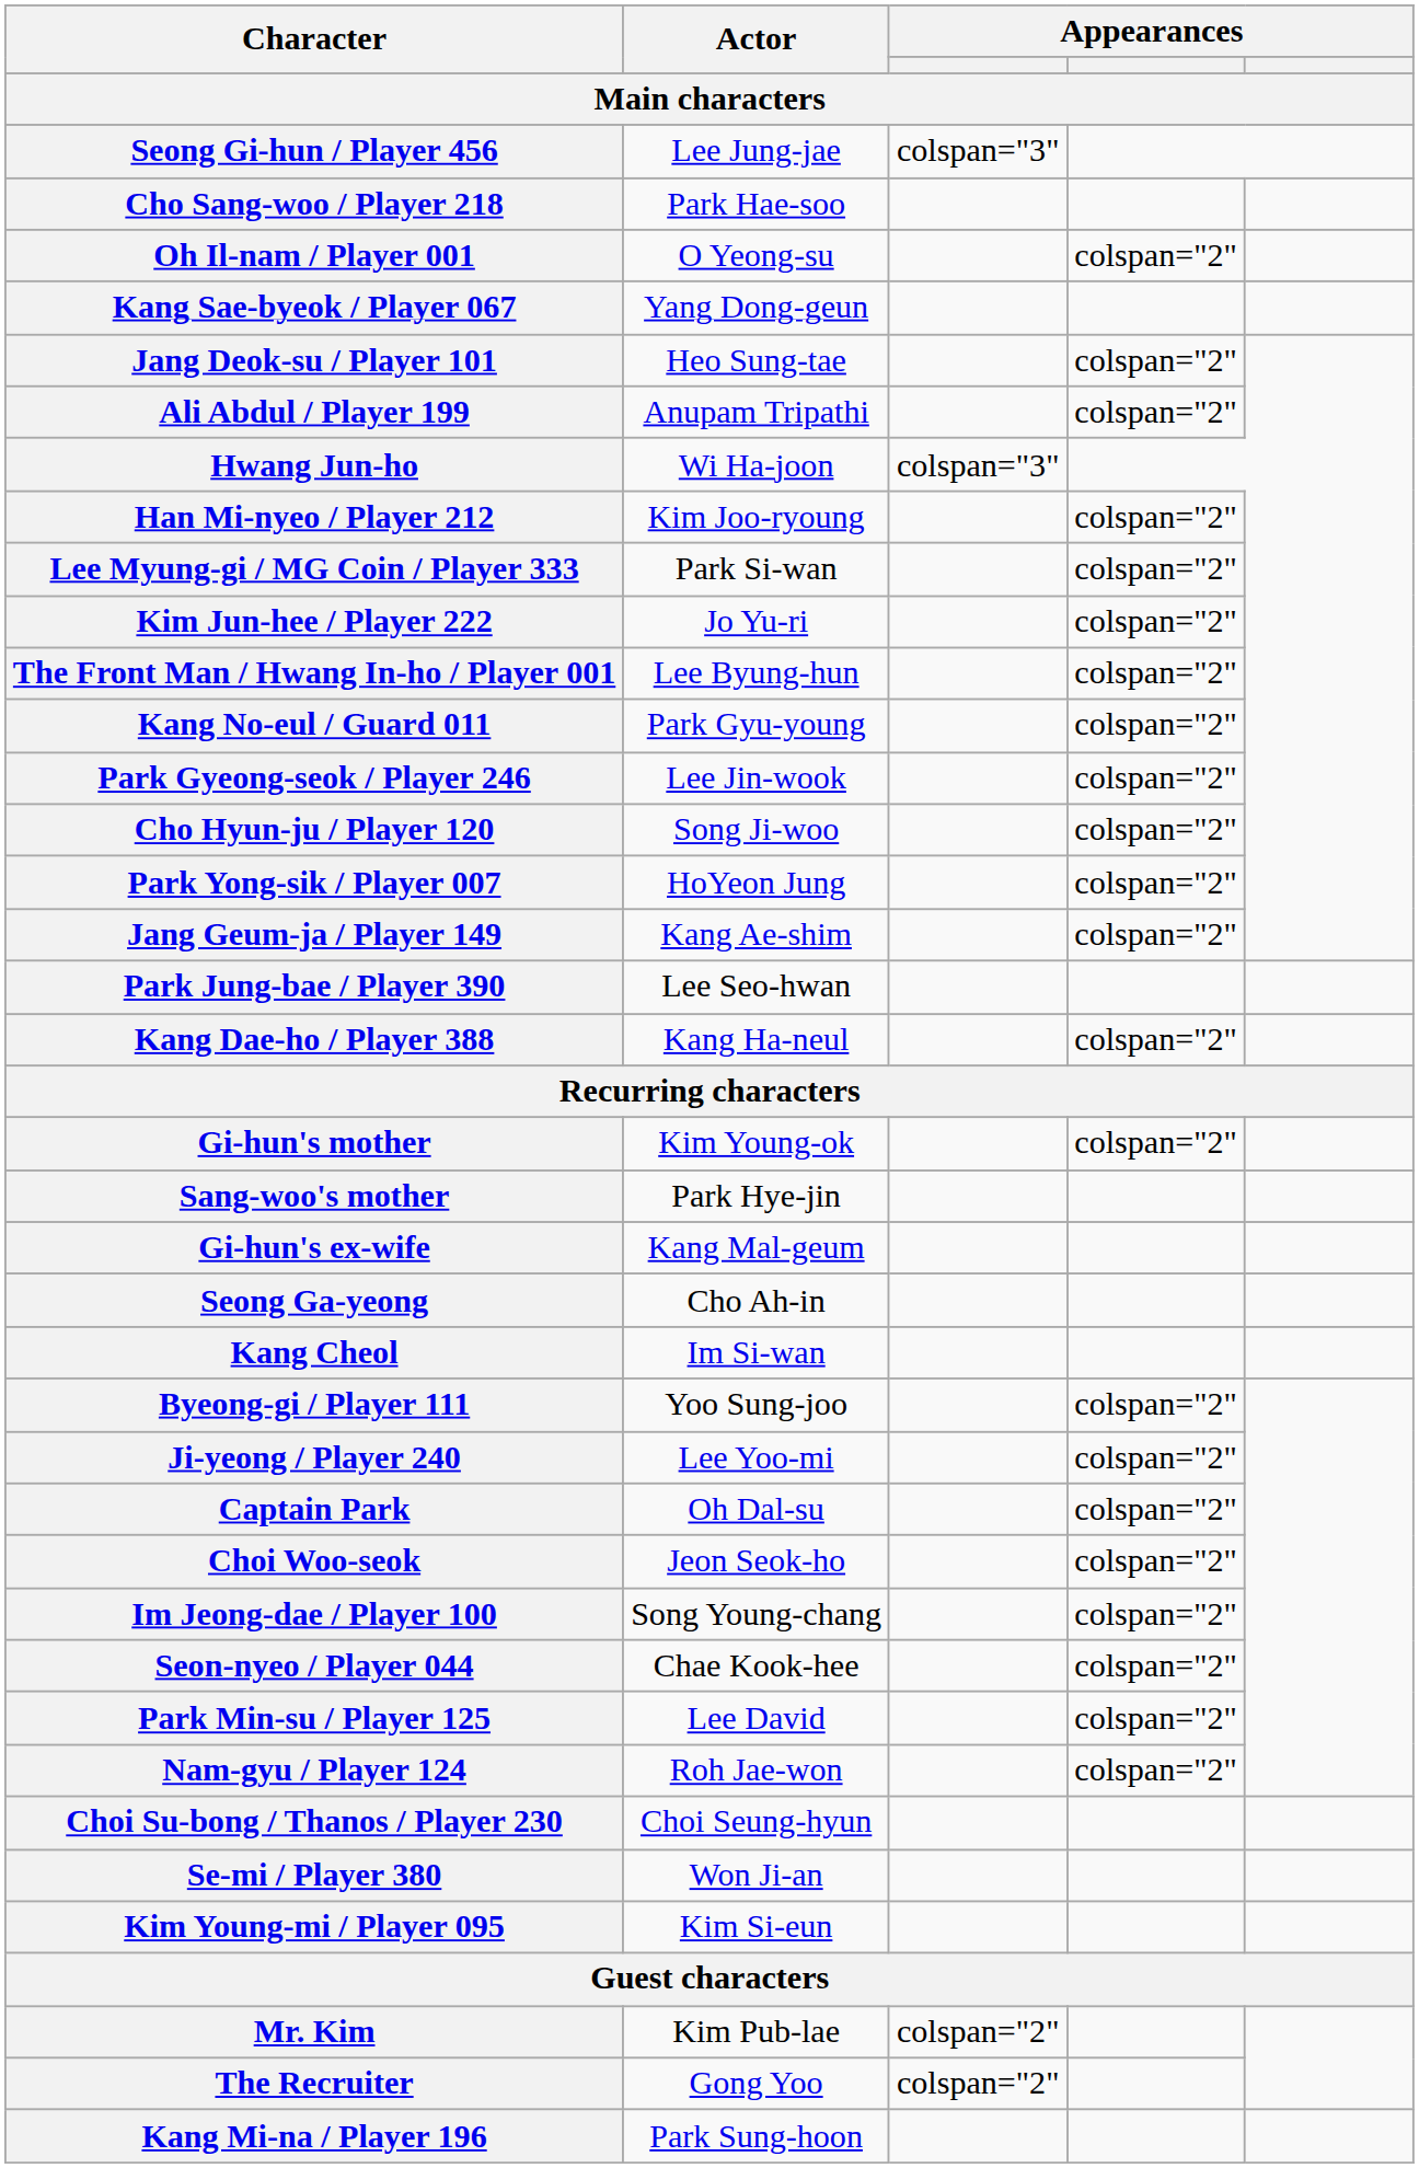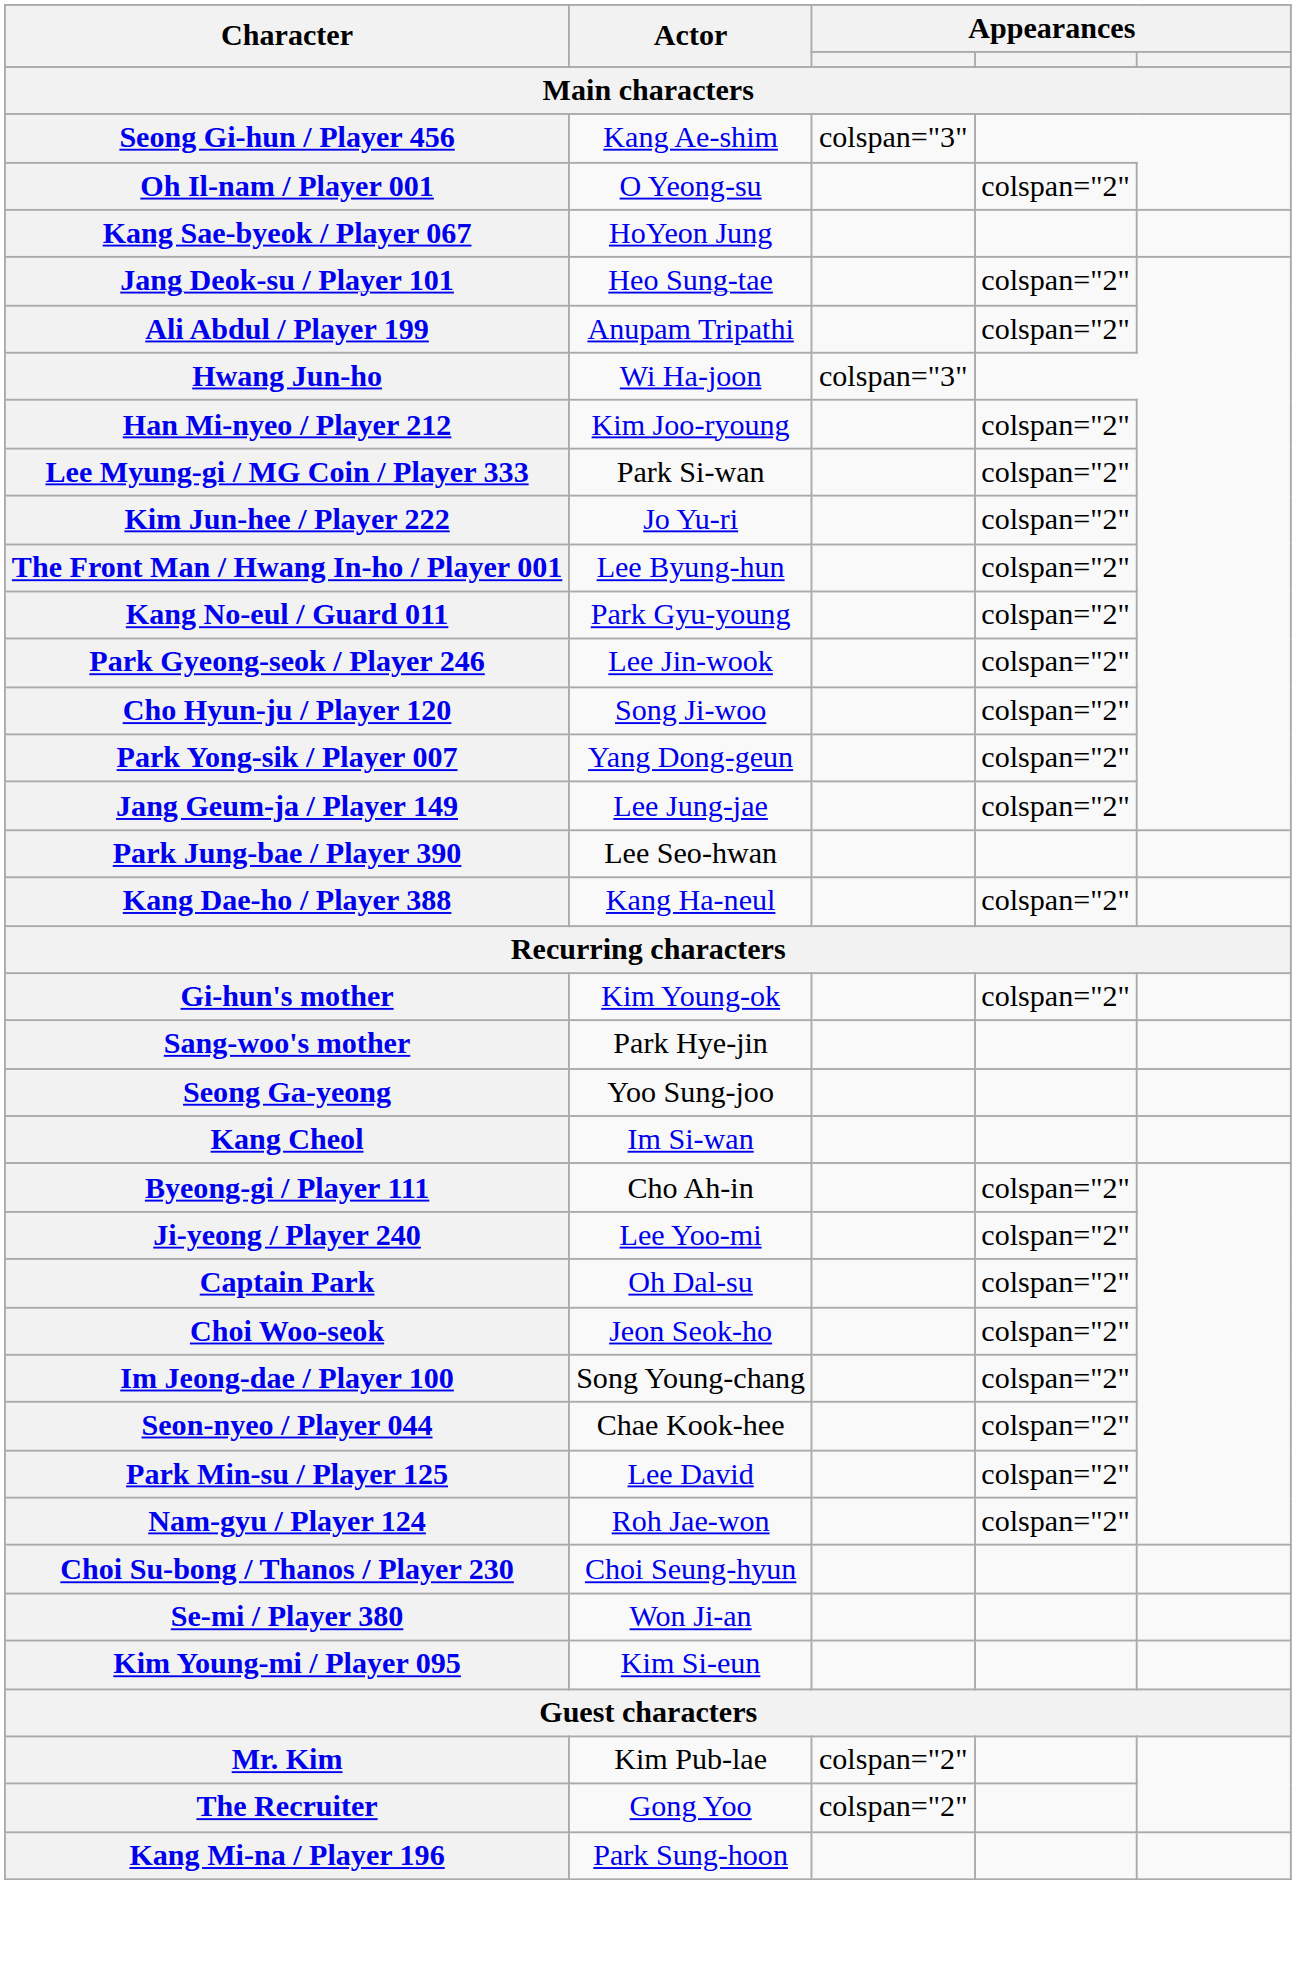 <table class="wikitable plainrowheaders" style="text-align:center; width:auto">
 <tr>
 <th scope="col" rowspan="2">Character</th>
 <th scope="col" rowspan="2">Actor</th>
 <th colspan="3">Appearances</th>
 </tr>
 <tr>
 <th scope="col" style="width:75px;"><a href='#'></a></th>
 <th scope="col" style="width:75px;"><a href='#'></a></th>
 <th scope="col" style="width:75px;"><a href='#'></a></th>
 </tr>
 <tr>
 <th scope="col" colspan="5">Main characters</th>
 </tr>
 <tr>
 <th scope="row"><a href='#'>Seong Gi-hun / Player 456</a></th>
-<td><a href='#'>Lee Jung-jae</a></td>
+<td><a href='#'>Kang Ae-shim</a></td>
 <td>colspan="3" </td>
-</tr>
-<tr>
-<th scope="row"><a href='#'>Cho Sang-woo / Player 218</a></th>
-<td><a href='#'>Park Hae-soo</a></td>
-<td></td>
-<td></td>
-<td></td>
 </tr>
 <tr>
 <th scope="row"><a href='#'>Oh Il-nam / Player 001</a></th>
 <td><a href='#'>O Yeong-su</a></td>
 <td></td>
 <td>colspan="2" </td>
 </tr>
 <tr>
 <th scope="row"><a href='#'>Kang Sae-byeok / Player 067</a></th>
-<td><a href='#'>Yang Dong-geun</a></td>
+<td><a href='#'>HoYeon Jung</a></td>
 <td></td>
 <td></td>
 <td></td>
 </tr>
 <tr>
 <th scope="row"><a href='#'>Jang Deok-su / Player 101</a></th>
 <td><a href='#'>Heo Sung-tae</a></td>
 <td></td>
 <td>colspan="2" </td>
 </tr>
 <tr>
 <th scope="row"><a href='#'>Ali Abdul / Player 199</a></th>
 <td><a href='#'>Anupam Tripathi</a></td>
 <td></td>
 <td>colspan="2" </td>
 </tr>
 <tr>
 <th scope="row"><a href='#'>Hwang Jun-ho</a></th>
 <td><a href='#'>Wi Ha-joon</a></td>
 <td>colspan="3" </td>
 </tr>
 <tr>
 <th scope="row"><a href='#'>Han Mi-nyeo / Player 212</a></th>
 <td><a href='#'>Kim Joo-ryoung</a></td>
 <td></td>
 <td>colspan="2" </td>
 </tr>
 <tr>
 <th scope="row"><a href='#'>Lee Myung-gi / MG Coin / Player 333</a></th>
 <td>Park Si-wan</td>
 <td></td>
 <td>colspan="2" </td>
 </tr>
 <tr>
 <th scope="row"><a href='#'>Kim Jun-hee / Player 222</a></th>
 <td><a href='#'>Jo Yu-ri</a></td>
 <td></td>
 <td>colspan="2" </td>
 </tr>
 <tr>
 <th scope="row"><a href='#'>The Front Man / Hwang In-ho / Player 001</a></th>
 <td><a href='#'>Lee Byung-hun</a></td>
 <td></td>
 <td>colspan="2" </td>
 </tr>
 <tr>
 <th scope="row"><a href='#'>Kang No-eul / Guard 011</a></th>
 <td><a href='#'>Park Gyu-young</a></td>
 <td></td>
 <td>colspan="2" </td>
 </tr>
 <tr>
 <th scope="row"><a href='#'>Park Gyeong-seok / Player 246</a></th>
 <td><a href='#'>Lee Jin-wook</a></td>
 <td></td>
 <td>colspan="2" </td>
 </tr>
 <tr>
 <th scope="row"><a href='#'>Cho Hyun-ju / Player 120</a></th>
 <td><a href='#'>Song Ji-woo</a></td>
 <td></td>
 <td>colspan="2" </td>
 </tr>
 <tr>
 <th scope="row"><a href='#'>Park Yong-sik / Player 007</a></th>
-<td><a href='#'>HoYeon Jung</a></td>
+<td><a href='#'>Yang Dong-geun</a></td>
 <td></td>
 <td>colspan="2" </td>
 </tr>
 <tr>
 <th scope="row"><a href='#'>Jang Geum-ja / Player 149</a></th>
-<td><a href='#'>Kang Ae-shim</a></td>
+<td><a href='#'>Lee Jung-jae</a></td>
 <td></td>
 <td>colspan="2" </td>
 </tr>
 <tr>
 <th scope="row"><a href='#'>Park Jung-bae / Player 390</a></th>
 <td>Lee Seo-hwan</td>
 <td></td>
 <td></td>
 <td></td>
 </tr>
 <tr>
 <th scope="row"><a href='#'>Kang Dae-ho / Player 388</a></th>
 <td><a href='#'>Kang Ha-neul</a></td>
 <td></td>
 <td>colspan="2" </td>
 </tr>
 <tr>
 <th scope="col" colspan="5">Recurring characters</th>
 </tr>
 <tr>
 <th scope="row"><a href='#'>Gi-hun's mother</a></th>
 <td><a href='#'>Kim Young-ok</a></td>
 <td></td>
 <td>colspan="2" </td>
 </tr>
 <tr>
 <th scope="row"><a href='#'>Sang-woo's mother</a></th>
 <td>Park Hye-jin</td>
 <td></td>
 <td></td>
 <td></td>
 </tr>
 <tr>
-<th scope="row"><a href='#'>Gi-hun's ex-wife</a></th>
-<td><a href='#'>Kang Mal-geum</a></td>
-<td></td>
-<td></td>
-<td></td>
-</tr>
-<tr>
 <th scope="row"><a href='#'>Seong Ga-yeong</a></th>
-<td>Cho Ah-in</td>
+<td>Yoo Sung-joo</td>
 <td></td>
 <td></td>
 <td></td>
 </tr>
 <tr>
 <th scope="row"><a href='#'>Kang Cheol</a></th>
 <td><a href='#'>Im Si-wan</a></td>
 <td></td>
 <td></td>
 <td></td>
 </tr>
 <tr>
 <th scope="row"><a href='#'>Byeong-gi / Player 111</a></th>
-<td>Yoo Sung-joo</td>
+<td>Cho Ah-in</td>
 <td></td>
 <td>colspan="2" </td>
 </tr>
 <tr>
 <th scope="row"><a href='#'>Ji-yeong / Player 240</a></th>
 <td><a href='#'>Lee Yoo-mi</a></td>
 <td></td>
 <td>colspan="2" </td>
 </tr>
 <tr>
 <th scope="row"><a href='#'>Captain Park</a></th>
 <td><a href='#'>Oh Dal-su</a></td>
 <td></td>
 <td>colspan="2" </td>
 </tr>
 <tr>
 <th scope="row"><a href='#'>Choi Woo-seok</a></th>
 <td><a href='#'>Jeon Seok-ho</a></td>
 <td></td>
 <td>colspan="2" </td>
 </tr>
 <tr>
 <th scope="row"><a href='#'>Im Jeong-dae / Player 100</a></th>
 <td>Song Young-chang</td>
 <td></td>
 <td>colspan="2" </td>
 </tr>
 <tr>
 <th scope="row"><a href='#'>Seon-nyeo / Player 044</a></th>
 <td>Chae Kook-hee</td>
 <td></td>
 <td>colspan="2" </td>
 </tr>
 <tr>
 <th scope="row"><a href='#'>Park Min-su / Player 125</a></th>
 <td><a href='#'>Lee David</a></td>
 <td></td>
 <td>colspan="2" </td>
 </tr>
 <tr>
 <th scope="row"><a href='#'>Nam-gyu / Player 124</a></th>
 <td><a href='#'>Roh Jae-won</a></td>
 <td></td>
 <td>colspan="2" </td>
 </tr>
 <tr>
 <th scope="row"><a href='#'>Choi Su-bong / Thanos / Player 230</a></th>
 <td><a href='#'>Choi Seung-hyun</a></td>
 <td></td>
 <td></td>
 <td></td>
 </tr>
 <tr>
 <th scope="row"><a href='#'>Se-mi / Player 380</a></th>
 <td><a href='#'>Won Ji-an</a></td>
 <td></td>
 <td></td>
 <td></td>
 </tr>
 <tr>
 <th scope="row"><a href='#'>Kim Young-mi / Player 095</a></th>
 <td><a href='#'>Kim Si-eun</a></td>
 <td></td>
 <td></td>
 <td></td>
 </tr>
 <tr>
 <th scope="col" colspan="5">Guest characters</th>
 </tr>
 <tr>
 <th scope="row"><a href='#'>Mr. Kim</a></th>
 <td>Kim Pub-lae</td>
 <td>colspan="2" </td>
 <td></td>
 </tr>
 <tr>
 <th scope="row"><a href='#'>The Recruiter</a></th>
 <td><a href='#'>Gong Yoo</a></td>
 <td>colspan="2" </td>
 <td></td>
 </tr>
 <tr>
 <th scope="row"><a href='#'>Kang Mi-na / Player 196</a></th>
 <td><a href='#'>Park Sung-hoon</a></td>
 <td></td>
 <td></td>
 <td></td>
 </tr>
 </table>
